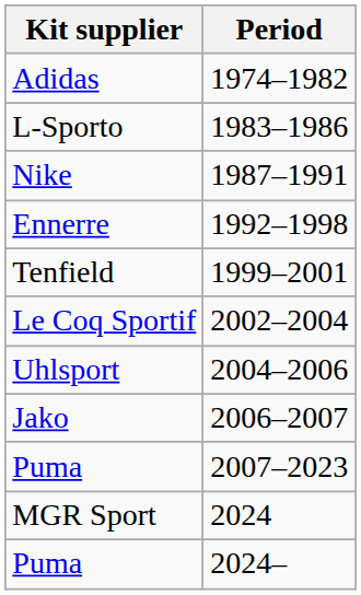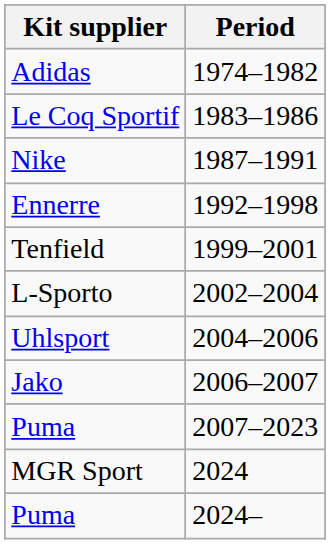 <table class="wikitable">
 <tr>
 <th>Kit supplier</th>
 <th>Period</th>
 </tr>
 <tr>
 <td> <a href='#'>Adidas</a></td>
 <td>1974–1982</td>
 </tr>
 <tr>
-<td> L-Sporto</td>
+<td> <a href='#'>Le Coq Sportif</a></td>
 <td>1983–1986</td>
 </tr>
 <tr>
 <td> <a href='#'>Nike</a></td>
 <td>1987–1991</td>
 </tr>
 <tr>
 <td> <a href='#'>Ennerre</a></td>
 <td>1992–1998</td>
 </tr>
 <tr>
 <td> Tenfield</td>
 <td>1999–2001</td>
 </tr>
 <tr>
-<td> <a href='#'>Le Coq Sportif</a></td>
+<td> L-Sporto</td>
 <td>2002–2004</td>
 </tr>
 <tr>
 <td> <a href='#'>Uhlsport</a></td>
 <td>2004–2006</td>
 </tr>
 <tr>
 <td> <a href='#'>Jako</a></td>
 <td>2006–2007</td>
 </tr>
 <tr>
 <td> <a href='#'>Puma</a></td>
 <td>2007–2023</td>
 </tr>
 <tr>
 <td> MGR Sport</td>
 <td>2024</td>
 </tr>
 <tr>
 <td> <a href='#'>Puma</a></td>
 <td>2024–</td>
 </tr>
 </table>
